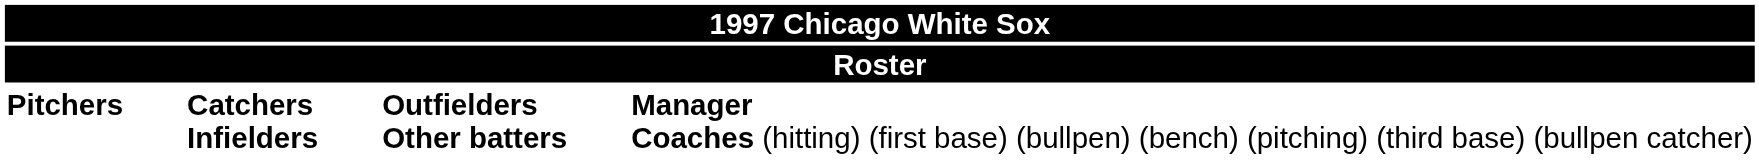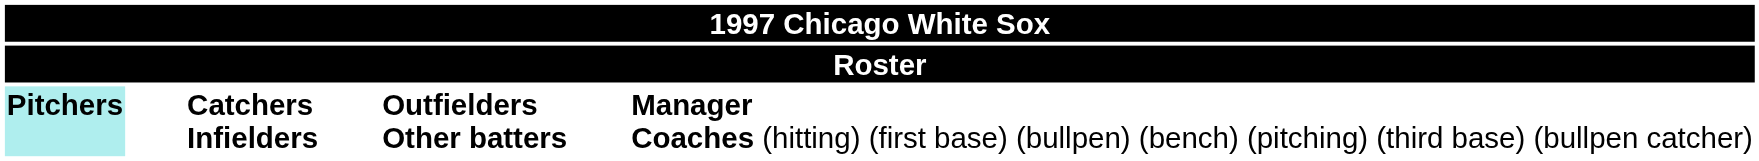 <table class="toccolours" style="font-size: 95%;">
 <tr>
 <th colspan="10" style="background-color: black; color: #FFFFFF; text-align: center;">1997 Chicago White Sox</th>
 </tr>
 <tr>
 <td colspan="10" style="background-color:black; color: white; text-align: center;"><strong>Roster</strong></td>
 </tr>
 <tr>
-<td valign="top"><strong>Pitchers</strong><br>                     </td>
+<td valign="top" style="background: paleturquoise;"><strong>Pitchers</strong><br>                     </td>
 <td width="25px"></td>
 <td valign="top"><strong>Catchers</strong><br>     <strong>Infielders</strong>        </td>
 <td width="25px"></td>
 <td valign="top"><strong>Outfielders</strong><br>         <strong>Other batters</strong> </td>
 <td width="25px"></td>
 <td valign="top"><strong>Manager</strong><br> <strong>Coaches</strong>  (hitting)  (first base)  (bullpen)  (bench)  (pitching)  (third base)  (bullpen catcher)</td>
 </tr>
 </table>
